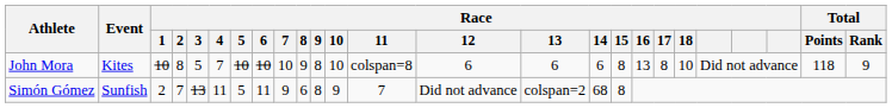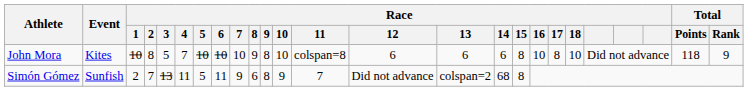 <table class=wikitable style=font-size:90%;text-align:center>
 <tr>
 <th rowspan=2>Athlete</th>
 <th rowspan=2>Event</th>
 <th colspan=21>Race</th>
 <th colspan=2>Total</th>
 </tr>
 <tr style=font-size:95%>
 <th>1</th>
 <th>2</th>
 <th>3</th>
 <th>4</th>
 <th>5</th>
 <th>6</th>
 <th>7</th>
 <th>8</th>
 <th>9</th>
 <th>10</th>
 <th>11</th>
 <th>12</th>
 <th>13</th>
 <th>14</th>
 <th>15</th>
 <th>16</th>
 <th>17</th>
 <th>18</th>
 <th></th>
 <th></th>
 <th></th>
 <th>Points</th>
 <th>Rank</th>
 </tr>
 <tr>
 <td align=left><a href='#'>John Mora</a></td>
 <td align=left><a href='#'>Kites</a></td>
 <td><s>10</s></td>
 <td>8</td>
 <td>5</td>
 <td>7</td>
 <td><s>10</s></td>
 <td><s>10</s></td>
 <td>10</td>
 <td>9</td>
 <td>8</td>
 <td>10</td>
 <td>colspan=8 </td>
 <td>6</td>
 <td>6</td>
 <td>6</td>
 <td>8</td>
-<td>13</td>
+<td>10</td>
 <td>8</td>
 <td>10</td>
 <td colspan=3>Did not advance</td>
 <td>118</td>
 <td>9</td>
 </tr>
 <tr>
 <td align=left><a href='#'>Simón Gómez</a></td>
 <td align=left><a href='#'>Sunfish</a></td>
 <td>2</td>
 <td>7</td>
 <td><s>13</s></td>
 <td>11</td>
 <td>5</td>
 <td>11</td>
 <td>9</td>
 <td>6</td>
 <td>8</td>
 <td>9</td>
 <td>7</td>
 <td>Did not advance</td>
 <td>colspan=2 </td>
 <td>68</td>
 <td>8</td>
 </tr>
 </table>
